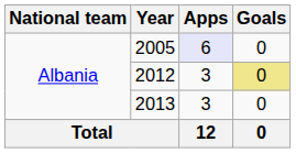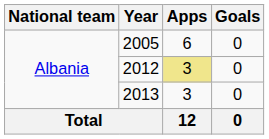 <table class=wikitable style="text-align: center;">
 <tr>
 <th>National team</th>
 <th>Year</th>
 <th>Apps</th>
 <th>Goals</th>
 </tr>
 <tr>
 <td rowspan="3"><a href='#'>Albania</a></td>
 <td>2005</td>
-<td style="background: lavender;">6</td>
+<td>6</td>
 <td>0</td>
 </tr>
 <tr>
 <td>2012</td>
-<td>3</td>
-<td style="background: khaki;">0</td>
+<td style="background: khaki;">3</td>
+<td>0</td>
 </tr>
 <tr>
 <td>2013</td>
 <td>3</td>
 <td>0</td>
 </tr>
 <tr>
 <th colspan="2">Total</th>
 <th>12</th>
 <th>0</th>
 </tr>
 </table>
